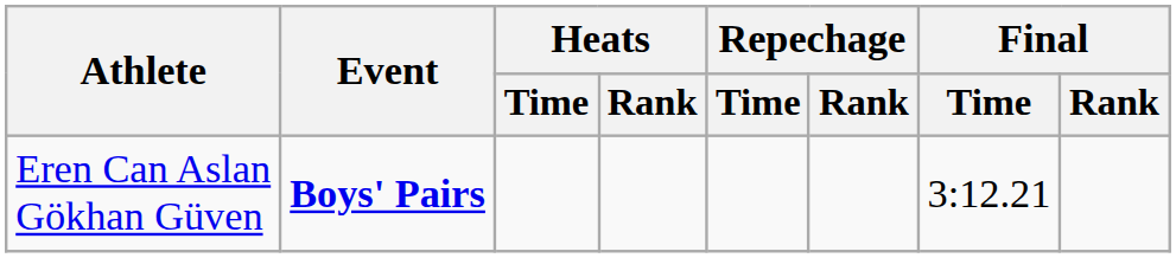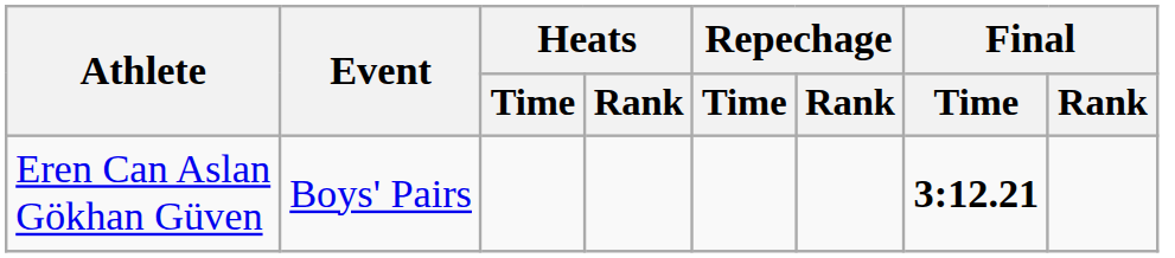 <table class="wikitable" style="font-size:90%">
 <tr>
 <th rowspan="2">Athlete</th>
 <th rowspan="2">Event</th>
 <th colspan="2">Heats</th>
 <th colspan="2">Repechage</th>
 <th colspan="2">Final</th>
 </tr>
 <tr style="font-size:95%">
 <th>Time</th>
 <th>Rank</th>
 <th>Time</th>
 <th>Rank</th>
 <th>Time</th>
 <th>Rank</th>
 </tr>
 <tr align=center>
 <td align=left><a href='#'>Eren Can Aslan</a><br><a href='#'>Gökhan Güven</a></td>
-<td align=left><strong><a href='#'>Boys' Pairs</a></strong></td>
+<td align=left><a href='#'>Boys' Pairs</a></td>
 <td></td>
 <td></td>
 <td></td>
 <td></td>
-<td>3:12.21</td>
+<td><strong>3:12.21</strong></td>
 <td></td>
 </tr>
 </table>
